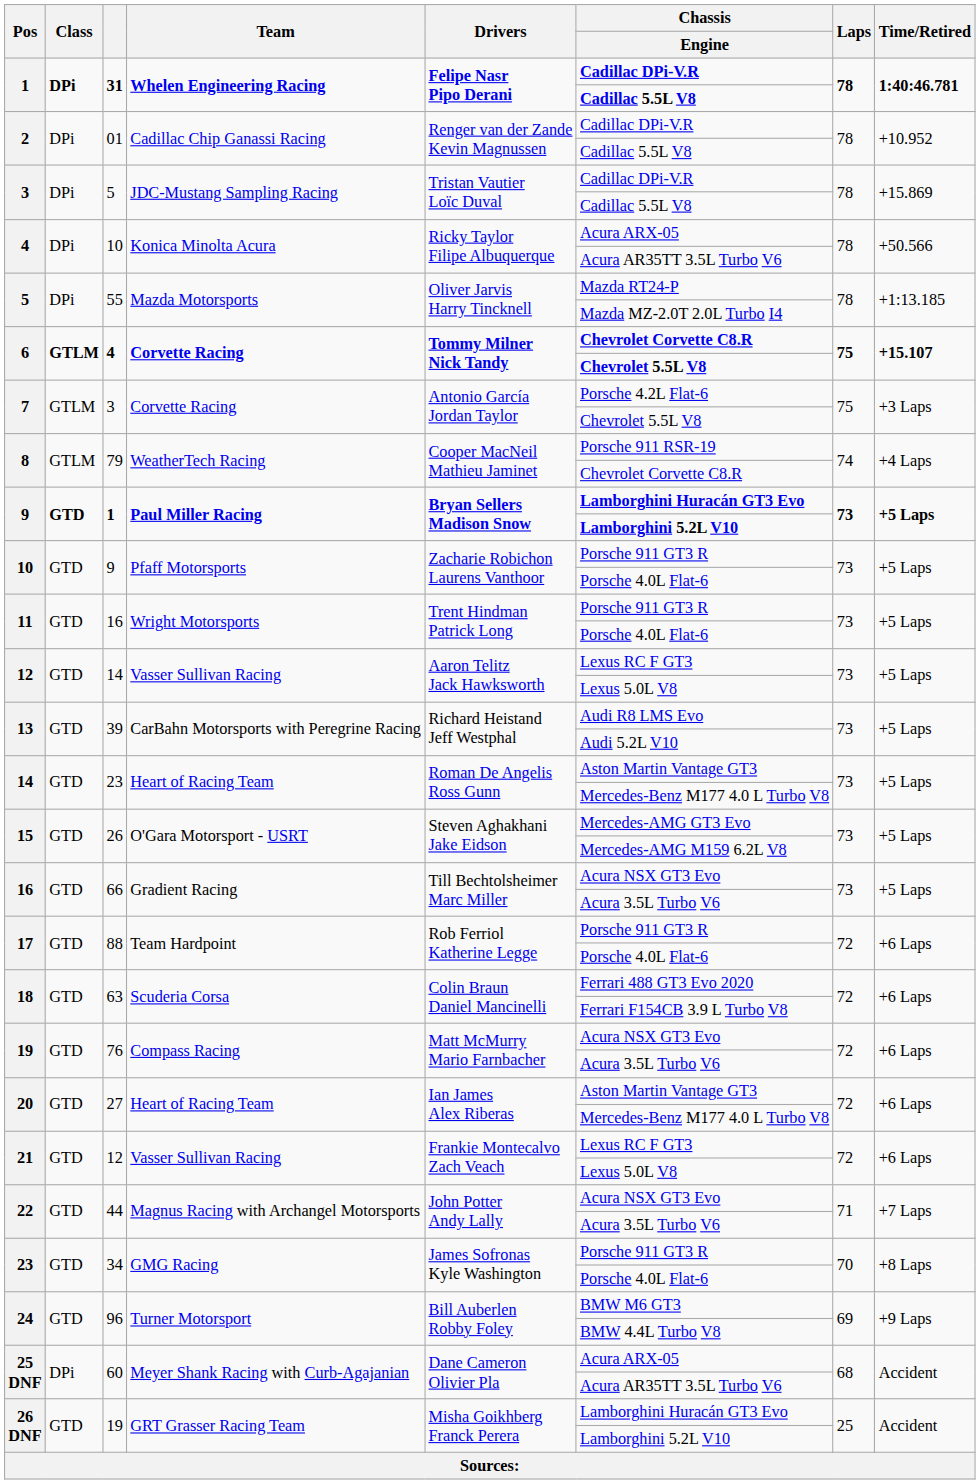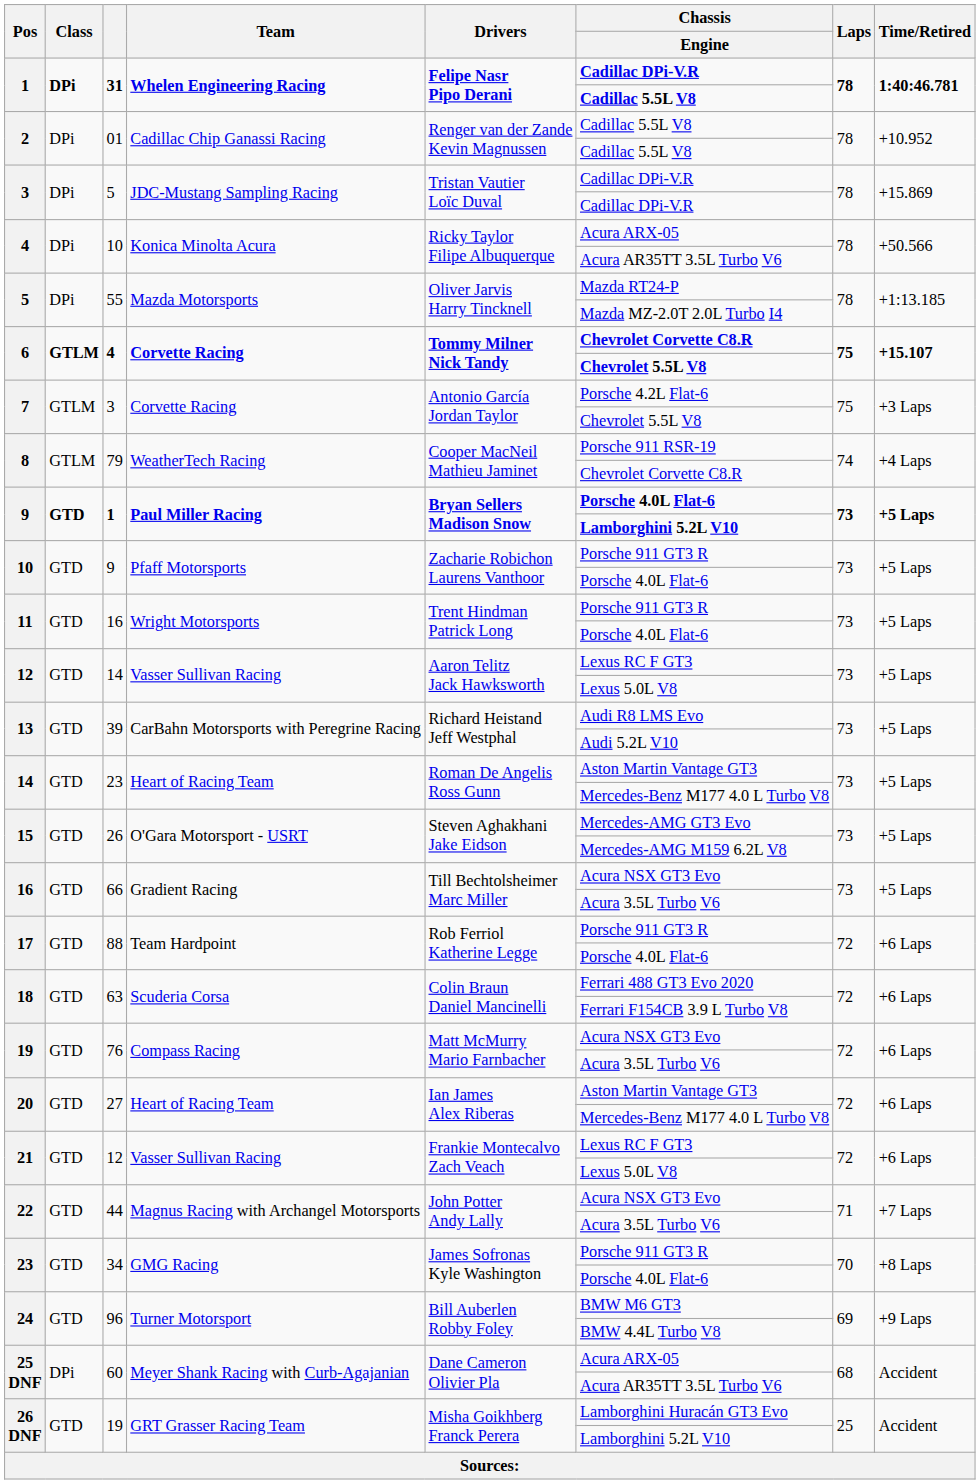 <table class="wikitable" style="font-size: 95%;">
 <tr>
 <th rowspan="2">Pos</th>
 <th rowspan="2">Class</th>
 <th rowspan="2"></th>
 <th rowspan="2">Team</th>
 <th rowspan="2">Drivers</th>
 <th>Chassis</th>
 <th rowspan="2">Laps</th>
 <th rowspan="2">Time/Retired</th>
 </tr>
 <tr>
 <th>Engine</th>
 </tr>
 <tr style="font-weight:bold">
 <th rowspan="2">1</th>
 <td rowspan="2">DPi</td>
 <td rowspan="2">31</td>
 <td rowspan="2"> <a href='#'>Whelen Engineering Racing</a></td>
 <td rowspan="2"> <a href='#'>Felipe Nasr</a><br> <a href='#'>Pipo Derani</a></td>
 <td><a href='#'>Cadillac DPi-V.R</a></td>
 <td rowspan="2">78</td>
 <td rowspan="2">1:40:46.781</td>
 </tr>
 <tr style="font-weight:bold">
 <td><a href='#'>Cadillac</a> 5.5L <a href='#'>V8</a></td>
 </tr>
 <tr>
 <th rowspan="2">2</th>
 <td rowspan="2">DPi</td>
 <td rowspan="2">01</td>
 <td rowspan="2"> <a href='#'>Cadillac Chip Ganassi Racing</a></td>
 <td rowspan="2"> <a href='#'>Renger van der Zande</a><br> <a href='#'>Kevin Magnussen</a></td>
-<td><a href='#'>Cadillac DPi-V.R</a></td>
+<td><a href='#'>Cadillac</a> 5.5L <a href='#'>V8</a></td>
 <td rowspan="2">78</td>
 <td rowspan="2">+10.952</td>
 </tr>
 <tr>
 <td><a href='#'>Cadillac</a> 5.5L <a href='#'>V8</a></td>
 </tr>
 <tr>
 <th rowspan="2">3</th>
 <td rowspan="2">DPi</td>
 <td rowspan="2">5</td>
 <td rowspan="2"> <a href='#'>JDC-Mustang Sampling Racing</a></td>
 <td rowspan="2"> <a href='#'>Tristan Vautier</a><br> <a href='#'>Loïc Duval</a></td>
 <td><a href='#'>Cadillac DPi-V.R</a></td>
 <td rowspan="2">78</td>
 <td rowspan="2">+15.869</td>
 </tr>
 <tr>
-<td><a href='#'>Cadillac</a> 5.5L <a href='#'>V8</a></td>
+<td><a href='#'>Cadillac DPi-V.R</a></td>
 </tr>
 <tr>
 <th rowspan="2">4</th>
 <td rowspan="2">DPi</td>
 <td rowspan="2">10</td>
 <td rowspan="2"> <a href='#'>Konica Minolta Acura</a></td>
 <td rowspan="2"> <a href='#'>Ricky Taylor</a><br> <a href='#'>Filipe Albuquerque</a></td>
 <td><a href='#'>Acura ARX-05</a></td>
 <td rowspan="2">78</td>
 <td rowspan="2">+50.566</td>
 </tr>
 <tr>
 <td><a href='#'>Acura</a> AR35TT 3.5L <a href='#'>Turbo</a> <a href='#'>V6</a></td>
 </tr>
 <tr>
 <th rowspan="2">5</th>
 <td rowspan="2">DPi</td>
 <td rowspan="2">55</td>
 <td rowspan="2"> <a href='#'>Mazda Motorsports</a></td>
 <td rowspan="2"> <a href='#'>Oliver Jarvis</a><br> <a href='#'>Harry Tincknell</a></td>
 <td><a href='#'>Mazda RT24-P</a></td>
 <td rowspan="2">78</td>
 <td rowspan="2">+1:13.185</td>
 </tr>
 <tr>
 <td><a href='#'>Mazda</a> MZ-2.0T 2.0L <a href='#'>Turbo</a> <a href='#'>I4</a></td>
 </tr>
 <tr style="font-weight:bold">
 <th rowspan="2">6</th>
 <td rowspan="2">GTLM</td>
 <td rowspan="2">4</td>
 <td rowspan="2"> <a href='#'>Corvette Racing</a></td>
 <td rowspan="2"> <a href='#'>Tommy Milner</a><br> <a href='#'>Nick Tandy</a></td>
 <td><a href='#'>Chevrolet Corvette C8.R</a></td>
 <td rowspan="2">75</td>
 <td rowspan="2">+15.107</td>
 </tr>
 <tr style="font-weight:bold">
 <td><a href='#'>Chevrolet</a> 5.5L <a href='#'>V8</a></td>
 </tr>
 <tr>
 <th rowspan="2">7</th>
 <td rowspan="2">GTLM</td>
 <td rowspan="2">3</td>
 <td rowspan="2"> <a href='#'>Corvette Racing</a></td>
 <td rowspan="2"> <a href='#'>Antonio García</a><br> <a href='#'>Jordan Taylor</a></td>
 <td><a href='#'>Porsche</a> 4.2L <a href='#'>Flat-6</a></td>
 <td rowspan="2">75</td>
 <td rowspan="2">+3 Laps</td>
 </tr>
 <tr>
 <td><a href='#'>Chevrolet</a> 5.5L <a href='#'>V8</a></td>
 </tr>
 <tr>
 <th rowspan="2">8</th>
 <td rowspan="2">GTLM</td>
 <td rowspan="2">79</td>
 <td rowspan="2"> <a href='#'>WeatherTech Racing</a></td>
 <td rowspan="2"> <a href='#'>Cooper MacNeil</a><br> <a href='#'>Mathieu Jaminet</a></td>
 <td><a href='#'>Porsche 911 RSR-19</a></td>
 <td rowspan="2">74</td>
 <td rowspan="2">+4 Laps</td>
 </tr>
 <tr>
 <td><a href='#'>Chevrolet Corvette C8.R</a></td>
 </tr>
 <tr style="font-weight:bold">
 <th rowspan="2">9</th>
 <td rowspan="2">GTD</td>
 <td rowspan="2">1</td>
 <td rowspan="2"> <a href='#'>Paul Miller Racing</a></td>
 <td rowspan="2"> <a href='#'>Bryan Sellers</a><br> <a href='#'>Madison Snow</a></td>
-<td><a href='#'>Lamborghini Huracán GT3 Evo</a></td>
+<td><a href='#'>Porsche</a> 4.0L <a href='#'>Flat-6</a></td>
 <td rowspan="2">73</td>
 <td rowspan="2">+5 Laps</td>
 </tr>
 <tr style="font-weight:bold">
 <td><a href='#'>Lamborghini</a> 5.2L <a href='#'>V10</a></td>
 </tr>
 <tr>
 <th rowspan="2">10</th>
 <td rowspan="2">GTD</td>
 <td rowspan="2">9</td>
 <td rowspan="2"> <a href='#'>Pfaff Motorsports</a></td>
 <td rowspan="2"> <a href='#'>Zacharie Robichon</a><br> <a href='#'>Laurens Vanthoor</a></td>
 <td><a href='#'>Porsche 911 GT3 R</a></td>
 <td rowspan="2">73</td>
 <td rowspan="2">+5 Laps</td>
 </tr>
 <tr>
 <td><a href='#'>Porsche</a> 4.0L <a href='#'>Flat-6</a></td>
 </tr>
 <tr>
 <th rowspan="2">11</th>
 <td rowspan="2">GTD</td>
 <td rowspan="2">16</td>
 <td rowspan="2"> <a href='#'>Wright Motorsports</a></td>
 <td rowspan="2"> <a href='#'>Trent Hindman</a><br> <a href='#'>Patrick Long</a></td>
 <td><a href='#'>Porsche 911 GT3 R</a></td>
 <td rowspan="2">73</td>
 <td rowspan="2">+5 Laps</td>
 </tr>
 <tr>
 <td><a href='#'>Porsche</a> 4.0L <a href='#'>Flat-6</a></td>
 </tr>
 <tr>
 <th rowspan="2">12</th>
 <td rowspan="2">GTD</td>
 <td rowspan="2">14</td>
 <td rowspan="2"> <a href='#'>Vasser Sullivan Racing</a></td>
 <td rowspan="2"> <a href='#'>Aaron Telitz</a><br> <a href='#'>Jack Hawksworth</a></td>
 <td><a href='#'>Lexus RC F GT3</a></td>
 <td rowspan="2">73</td>
 <td rowspan="2">+5 Laps</td>
 </tr>
 <tr>
 <td><a href='#'>Lexus</a> 5.0L <a href='#'>V8</a></td>
 </tr>
 <tr>
 <th rowspan="2">13</th>
 <td rowspan="2">GTD</td>
 <td rowspan="2">39</td>
 <td rowspan="2"> CarBahn Motorsports with Peregrine Racing</td>
 <td rowspan="2"> Richard Heistand<br> Jeff Westphal</td>
 <td><a href='#'>Audi R8 LMS Evo</a></td>
 <td rowspan="2">73</td>
 <td rowspan="2">+5 Laps</td>
 </tr>
 <tr>
 <td><a href='#'>Audi</a> 5.2L <a href='#'>V10</a></td>
 </tr>
 <tr>
 <th rowspan="2">14</th>
 <td rowspan="2">GTD</td>
 <td rowspan="2">23</td>
 <td rowspan="2"> <a href='#'>Heart of Racing Team</a></td>
 <td rowspan="2"> <a href='#'>Roman De Angelis</a><br> <a href='#'>Ross Gunn</a></td>
 <td><a href='#'>Aston Martin Vantage GT3</a></td>
 <td rowspan="2">73</td>
 <td rowspan="2">+5 Laps</td>
 </tr>
 <tr>
 <td><a href='#'>Mercedes-Benz</a> M177 4.0 L <a href='#'>Turbo</a> <a href='#'>V8</a></td>
 </tr>
 <tr>
 <th rowspan="2">15</th>
 <td rowspan="2">GTD</td>
 <td rowspan="2">26</td>
 <td rowspan="2"> O'Gara Motorsport - <a href='#'>USRT</a></td>
 <td rowspan="2"> Steven Aghakhani<br>  <a href='#'>Jake Eidson</a></td>
 <td><a href='#'>Mercedes-AMG GT3 Evo</a></td>
 <td rowspan="2">73</td>
 <td rowspan="2">+5 Laps</td>
 </tr>
 <tr>
 <td><a href='#'>Mercedes-AMG M159</a> 6.2L <a href='#'>V8</a></td>
 </tr>
 <tr>
 <th rowspan="2">16</th>
 <td rowspan="2">GTD</td>
 <td rowspan="2">66</td>
 <td rowspan="2"> Gradient Racing</td>
 <td rowspan="2"> Till Bechtolsheimer<br> <a href='#'>Marc Miller</a></td>
 <td><a href='#'>Acura NSX GT3 Evo</a></td>
 <td rowspan="2">73</td>
 <td rowspan="2">+5 Laps</td>
 </tr>
 <tr>
 <td><a href='#'>Acura</a> 3.5L <a href='#'>Turbo</a> <a href='#'>V6</a></td>
 </tr>
 <tr>
 <th rowspan="2">17</th>
 <td rowspan="2">GTD</td>
 <td rowspan="2">88</td>
 <td rowspan="2"> Team Hardpoint</td>
 <td rowspan="2"> Rob Ferriol<br> <a href='#'>Katherine Legge</a></td>
 <td><a href='#'>Porsche 911 GT3 R</a></td>
 <td rowspan="2">72</td>
 <td rowspan="2">+6 Laps</td>
 </tr>
 <tr>
 <td><a href='#'>Porsche</a> 4.0L <a href='#'>Flat-6</a></td>
 </tr>
 <tr>
 <th rowspan="2">18</th>
 <td rowspan="2">GTD</td>
 <td rowspan="2">63</td>
 <td rowspan="2"> <a href='#'>Scuderia Corsa</a></td>
 <td rowspan="2"> <a href='#'>Colin Braun</a><br> <a href='#'>Daniel Mancinelli</a></td>
 <td><a href='#'>Ferrari 488 GT3 Evo 2020</a></td>
 <td rowspan="2">72</td>
 <td rowspan="2">+6 Laps</td>
 </tr>
 <tr>
 <td><a href='#'>Ferrari F154CB</a> 3.9 L <a href='#'>Turbo</a> <a href='#'>V8</a></td>
 </tr>
 <tr>
 <th rowspan="2">19</th>
 <td rowspan="2">GTD</td>
 <td rowspan="2">76</td>
 <td rowspan="2"> <a href='#'>Compass Racing</a></td>
 <td rowspan="2"> <a href='#'>Matt McMurry</a><br> <a href='#'>Mario Farnbacher</a></td>
 <td><a href='#'>Acura NSX GT3 Evo</a></td>
 <td rowspan="2">72</td>
 <td rowspan="2">+6 Laps</td>
 </tr>
 <tr>
 <td><a href='#'>Acura</a> 3.5L <a href='#'>Turbo</a> <a href='#'>V6</a></td>
 </tr>
 <tr>
 <th rowspan="2">20</th>
 <td rowspan="2">GTD</td>
 <td rowspan="2">27</td>
 <td rowspan="2"> <a href='#'>Heart of Racing Team</a></td>
 <td rowspan="2"> <a href='#'>Ian James</a><br> <a href='#'>Alex Riberas</a></td>
 <td><a href='#'>Aston Martin Vantage GT3</a></td>
 <td rowspan="2">72</td>
 <td rowspan="2">+6 Laps</td>
 </tr>
 <tr>
 <td><a href='#'>Mercedes-Benz</a> M177 4.0 L <a href='#'>Turbo</a> <a href='#'>V8</a></td>
 </tr>
 <tr>
 <th rowspan="2">21</th>
 <td rowspan="2">GTD</td>
 <td rowspan="2">12</td>
 <td rowspan="2"> <a href='#'>Vasser Sullivan Racing</a></td>
 <td rowspan="2"> <a href='#'>Frankie Montecalvo</a><br> <a href='#'>Zach Veach</a></td>
 <td><a href='#'>Lexus RC F GT3</a></td>
 <td rowspan="2">72</td>
 <td rowspan="2">+6 Laps</td>
 </tr>
 <tr>
 <td><a href='#'>Lexus</a> 5.0L <a href='#'>V8</a></td>
 </tr>
 <tr>
 <th rowspan="2">22</th>
 <td rowspan="2">GTD</td>
 <td rowspan="2">44</td>
 <td rowspan="2"> <a href='#'>Magnus Racing</a> with Archangel Motorsports</td>
 <td rowspan="2"> <a href='#'>John Potter</a><br> <a href='#'>Andy Lally</a></td>
 <td><a href='#'>Acura NSX GT3 Evo</a></td>
 <td rowspan="2">71</td>
 <td rowspan="2">+7 Laps</td>
 </tr>
 <tr>
 <td><a href='#'>Acura</a> 3.5L <a href='#'>Turbo</a> <a href='#'>V6</a></td>
 </tr>
 <tr>
 <th rowspan="2">23</th>
 <td rowspan="2">GTD</td>
 <td rowspan="2">34</td>
 <td rowspan="2"> <a href='#'>GMG Racing</a></td>
 <td rowspan="2"> <a href='#'>James Sofronas</a><br> Kyle Washington</td>
 <td><a href='#'>Porsche 911 GT3 R</a></td>
 <td rowspan="2">70</td>
 <td rowspan="2">+8 Laps</td>
 </tr>
 <tr>
 <td><a href='#'>Porsche</a> 4.0L <a href='#'>Flat-6</a></td>
 </tr>
 <tr>
 <th rowspan="2">24</th>
 <td rowspan="2">GTD</td>
 <td rowspan="2">96</td>
 <td rowspan="2"> <a href='#'>Turner Motorsport</a></td>
 <td rowspan="2"> <a href='#'>Bill Auberlen</a><br> <a href='#'>Robby Foley</a></td>
 <td><a href='#'>BMW M6 GT3</a></td>
 <td rowspan="2">69</td>
 <td rowspan="2">+9 Laps</td>
 </tr>
 <tr>
 <td><a href='#'>BMW</a> 4.4L <a href='#'>Turbo</a> <a href='#'>V8</a></td>
 </tr>
 <tr>
 <th rowspan="2">25<br>DNF</th>
 <td rowspan="2">DPi</td>
 <td rowspan="2">60</td>
 <td rowspan="2"> <a href='#'>Meyer Shank Racing</a> with <a href='#'>Curb-Agajanian</a></td>
 <td rowspan="2"> <a href='#'>Dane Cameron</a><br> <a href='#'>Olivier Pla</a></td>
 <td><a href='#'>Acura ARX-05</a></td>
 <td rowspan="2">68</td>
 <td rowspan="2">Accident</td>
 </tr>
 <tr>
 <td><a href='#'>Acura</a> AR35TT 3.5L <a href='#'>Turbo</a> <a href='#'>V6</a></td>
 </tr>
 <tr>
 <th rowspan="2">26<br>DNF</th>
 <td rowspan="2">GTD</td>
 <td rowspan="2">19</td>
 <td rowspan="2"> <a href='#'>GRT Grasser Racing Team</a></td>
 <td rowspan="2"> <a href='#'>Misha Goikhberg</a><br> <a href='#'>Franck Perera</a></td>
 <td><a href='#'>Lamborghini Huracán GT3 Evo</a></td>
 <td rowspan="2">25</td>
 <td rowspan="2">Accident</td>
 </tr>
 <tr>
 <td><a href='#'>Lamborghini</a> 5.2L <a href='#'>V10</a></td>
 </tr>
 <tr>
 <th colspan="8" align="center">Sources:</th>
 </tr>
 </table>
